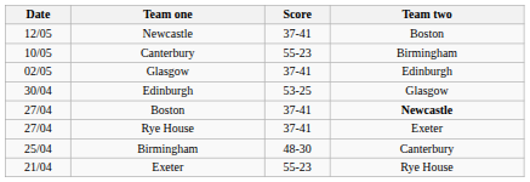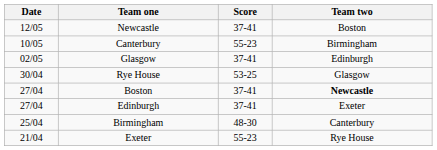 <table class="wikitable" style="text-align: center">
 <tr>
 <th width=80>Date</th>
 <th width=250>Team one</th>
 <th width=80>Score</th>
 <th width=250>Team two</th>
 </tr>
 <tr>
 <td>12/05</td>
 <td>Newcastle</td>
 <td>37-41</td>
 <td>Boston</td>
 </tr>
 <tr>
 <td>10/05</td>
 <td>Canterbury</td>
 <td>55-23</td>
 <td>Birmingham</td>
 </tr>
 <tr>
 <td>02/05</td>
 <td>Glasgow</td>
 <td>37-41</td>
 <td>Edinburgh</td>
 </tr>
 <tr>
 <td>30/04</td>
-<td>Edinburgh</td>
+<td>Rye House</td>
 <td>53-25</td>
 <td>Glasgow</td>
 </tr>
 <tr>
 <td>27/04</td>
 <td>Boston</td>
 <td>37-41</td>
 <td><strong>Newcastle</strong></td>
 </tr>
 <tr>
 <td>27/04</td>
-<td>Rye House</td>
+<td>Edinburgh</td>
 <td>37-41</td>
 <td>Exeter</td>
 </tr>
 <tr>
 <td>25/04</td>
 <td>Birmingham</td>
 <td>48-30</td>
 <td>Canterbury</td>
 </tr>
 <tr>
 <td>21/04</td>
 <td>Exeter</td>
 <td>55-23</td>
 <td>Rye House</td>
 </tr>
 </table>
